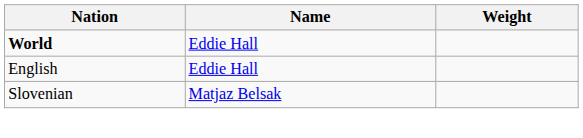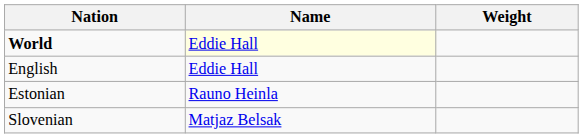 <table class="wikitable" style="display: inline-table;width: 45%;">
 <tr>
 <th>Nation</th>
 <th>Name</th>
 <th>Weight</th>
 </tr>
 <tr>
 <td><strong>World</strong></td>
-<td><a href='#'>Eddie Hall</a></td>
+<td style="background: lightyellow;"><a href='#'>Eddie Hall</a></td>
 <td></td>
 </tr>
 <tr>
 <td> English</td>
 <td><a href='#'>Eddie Hall</a></td>
 <td></td>
 </tr>
 <tr>
+<td> Estonian</td>
+<td><a href='#'>Rauno Heinla</a></td>
+<td></td>
+</tr>
+<tr>
 <td> Slovenian</td>
 <td><a href='#'>Matjaz Belsak</a></td>
 <td></td>
 </tr>
 </table>
